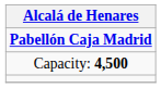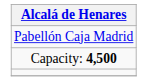 <table class="wikitable" style="text-align:center;margin:1em auto;">
 <tr>
 <th><a href='#'>Alcalá de Henares</a></th>
 </tr>
 <tr>
-<td><strong><a href='#'>Pabellón Caja Madrid</a></strong></td>
+<td><a href='#'>Pabellón Caja Madrid</a></td>
 </tr>
 <tr>
 <td>Capacity: <strong>4,500</strong></td>
 </tr>
 <tr>
 <td></td>
 </tr>
 <tr>
 </tr>
 </table>
